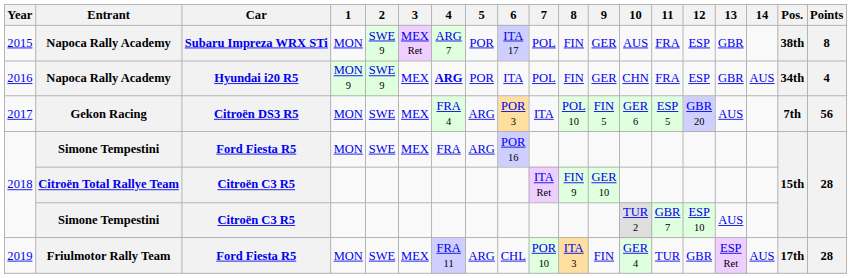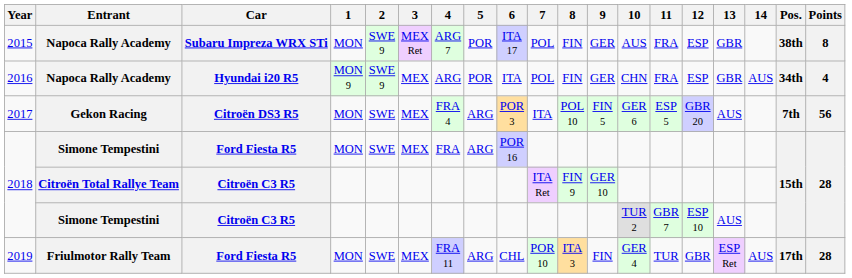 <table class="wikitable" style="text-align:center; font-size:90%;">
 <tr>
 <th>Year</th>
 <th>Entrant</th>
 <th>Car</th>
 <th>1</th>
 <th>2</th>
 <th>3</th>
 <th>4</th>
 <th>5</th>
 <th>6</th>
 <th>7</th>
 <th>8</th>
 <th>9</th>
 <th>10</th>
 <th>11</th>
 <th>12</th>
 <th>13</th>
 <th>14</th>
 <th>Pos.</th>
 <th>Points</th>
 </tr>
 <tr>
 <td><a href='#'>2015</a></td>
 <th>Napoca Rally Academy</th>
 <th><a href='#'>Subaru Impreza WRX STi</a></th>
 <td><a href='#'>MON</a></td>
 <td style="background:#dfffdf;"><a href='#'>SWE</a><br><small>9</small></td>
 <td style="background:#efcfff;"><a href='#'>MEX</a><br><small>Ret</small></td>
 <td style="background:#dfffdf;"><a href='#'>ARG</a><br><small>7</small></td>
 <td><a href='#'>POR</a></td>
 <td style="background:#cfcfff;"><a href='#'>ITA</a><br><small>17</small></td>
 <td><a href='#'>POL</a><br><small> </small></td>
 <td><a href='#'>FIN</a><br><small> </small></td>
 <td><a href='#'>GER</a></td>
 <td><a href='#'>AUS</a></td>
 <td><a href='#'>FRA</a><br><small> </small></td>
 <td><a href='#'>ESP</a><br><small> </small></td>
 <td><a href='#'>GBR</a><br><small> </small></td>
 <td></td>
 <th>38th</th>
 <th>8</th>
 </tr>
 <tr>
 <td><a href='#'>2016</a></td>
 <th>Napoca Rally Academy</th>
 <th><a href='#'>Hyundai i20 R5</a></th>
 <td style="background:#dfffdf;"><a href='#'>MON</a><br><small>9</small></td>
 <td style="background:#dfffdf;"><a href='#'>SWE</a><br><small>9</small></td>
 <td><a href='#'>MEX</a></td>
-<td><strong><a href='#'>ARG</a></strong></td>
+<td><a href='#'>ARG</a></td>
 <td><a href='#'>POR</a><br><small> </small></td>
 <td><a href='#'>ITA</a></td>
 <td><a href='#'>POL</a><br><small> </small></td>
 <td><a href='#'>FIN</a><br><small> </small></td>
 <td><a href='#'>GER</a><br><small> </small></td>
 <td><a href='#'>CHN</a></td>
 <td><a href='#'>FRA</a><br><small> </small></td>
 <td><a href='#'>ESP</a></td>
 <td><a href='#'>GBR</a><br><small> </small></td>
 <td><a href='#'>AUS</a><br><small> </small></td>
 <th>34th</th>
 <th>4</th>
 </tr>
 <tr>
 <td><a href='#'>2017</a></td>
 <th>Gekon Racing</th>
 <th><a href='#'>Citroën DS3 R5</a></th>
 <td><a href='#'>MON</a><br><small> </small></td>
 <td><a href='#'>SWE</a><br><small> </small></td>
 <td><a href='#'>MEX</a><br><small> </small></td>
 <td style="background:#DFFFDF;"><a href='#'>FRA</a><br><small>4</small></td>
 <td><a href='#'>ARG</a></td>
 <td style="background:#ffdf9f;"><a href='#'>POR</a><br><small>3</small></td>
 <td><a href='#'>ITA</a></td>
 <td style="background:#DFFFDF;"><a href='#'>POL</a><br><small>10</small></td>
 <td style="background:#DFFFDF;"><a href='#'>FIN</a><br><small>5</small></td>
 <td style="background:#DFFFDF;"><a href='#'>GER</a><br><small>6</small></td>
 <td style="background:#DFFFDF;"><a href='#'>ESP</a><br><small>5</small></td>
 <td style="background:#cfcfff;"><a href='#'>GBR</a><br><small>20</small></td>
 <td><a href='#'>AUS</a></td>
 <td></td>
 <th>7th</th>
 <th>56</th>
 </tr>
 <tr>
 <td rowspan="3"><a href='#'>2018</a></td>
 <th>Simone Tempestini</th>
 <th><a href='#'>Ford Fiesta R5</a></th>
 <td><a href='#'>MON</a></td>
 <td><a href='#'>SWE</a></td>
 <td><a href='#'>MEX</a></td>
 <td><a href='#'>FRA</a></td>
 <td><a href='#'>ARG</a></td>
 <td style="background:#cfcfff;"><a href='#'>POR</a><br><small>16</small></td>
 <td></td>
 <td></td>
 <td></td>
 <td></td>
 <td></td>
 <td></td>
 <td></td>
 <td></td>
 <th rowspan="3">15th</th>
 <th rowspan="3">28</th>
 </tr>
 <tr>
 <th><a href='#'>Citroën Total Rallye Team</a></th>
 <th><a href='#'>Citroën C3 R5</a></th>
 <td></td>
 <td></td>
 <td></td>
 <td></td>
 <td></td>
 <td></td>
 <td style="background:#efcfff;"><a href='#'>ITA</a><br><small>Ret</small></td>
 <td style="background:#dfffdf;"><a href='#'>FIN</a><br><small>9</small></td>
 <td style="background:#dfffdf;"><a href='#'>GER</a><br><small>10</small></td>
 <td></td>
 <td></td>
 <td></td>
 <td></td>
 <td></td>
 </tr>
 <tr>
 <th>Simone Tempestini</th>
 <th><a href='#'>Citroën C3 R5</a></th>
 <td></td>
 <td></td>
 <td></td>
 <td></td>
 <td></td>
 <td></td>
 <td></td>
 <td></td>
 <td></td>
 <td style="background:#DFDFDF;"><a href='#'>TUR</a><br><small>2</small></td>
 <td style="background:#dfffdf;"><a href='#'>GBR</a><br><small>7</small></td>
 <td style="background:#dfffdf;"><a href='#'>ESP</a><br><small>10</small></td>
 <td><a href='#'>AUS</a></td>
 <td></td>
 </tr>
 <tr>
 <td><a href='#'>2019</a></td>
 <th>Friulmotor Rally Team</th>
 <th><a href='#'>Ford Fiesta R5</a></th>
 <td><a href='#'>MON</a></td>
 <td><a href='#'>SWE</a></td>
 <td><a href='#'>MEX</a></td>
 <td style="background:#cfcfff;"><a href='#'>FRA</a><br><small>11</small></td>
 <td><a href='#'>ARG</a></td>
 <td><a href='#'>CHL</a></td>
 <td style="background:#dfffdf;"><a href='#'>POR</a><br><small>10</small></td>
 <td style="background:#ffdf9f;"><a href='#'>ITA</a><br><small>3</small></td>
 <td><a href='#'>FIN</a></td>
 <td style="background:#dfffdf;"><a href='#'>GER</a><br><small>4</small></td>
 <td><a href='#'>TUR</a></td>
 <td><a href='#'>GBR</a></td>
 <td style="background:#efcfff;"><a href='#'>ESP</a><br><small>Ret</small></td>
 <td><a href='#'>AUS</a><br></td>
 <th>17th</th>
 <th>28</th>
 </tr>
 </table>
